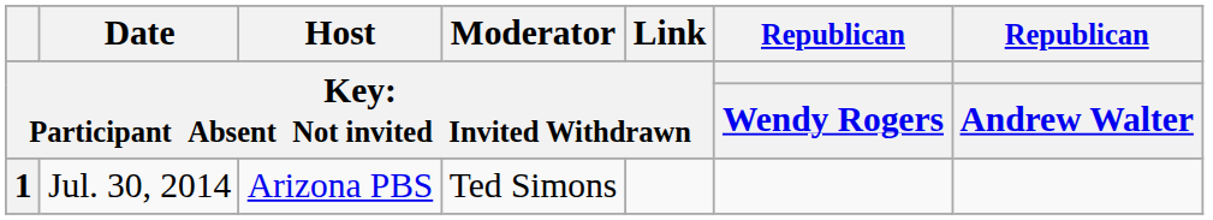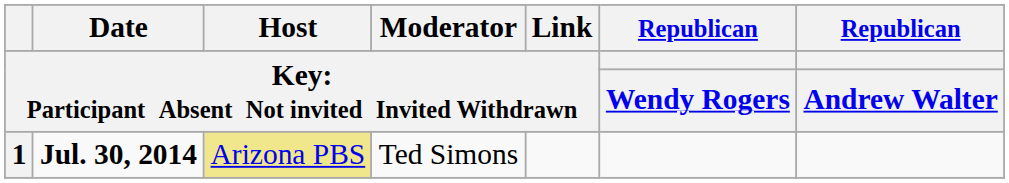 <table class="wikitable" style="text-align:center;">
 <tr>
 <th scope="col"></th>
 <th scope="col">Date</th>
 <th scope="col">Host</th>
 <th scope="col">Moderator</th>
 <th scope="col">Link</th>
 <th scope="col"><small><a href='#'>Republican</a></small></th>
 <th scope="col"><small><a href='#'>Republican</a></small></th>
 </tr>
 <tr>
 <th colspan="5" rowspan="2">Key:<br> <small>Participant </small>  <small>Absent </small>  <small>Not invited </small>  <small>Invited  Withdrawn</small></th>
 <th scope="col" style="background:"></th>
 <th scope="col" style="background:"></th>
 </tr>
 <tr>
 <th scope="col"><a href='#'>Wendy Rogers</a></th>
 <th scope="col"><a href='#'>Andrew Walter</a></th>
 </tr>
 <tr>
 <th>1</th>
-<td style="white-space:nowrap;">Jul. 30, 2014</td>
-<td style="white-space:nowrap;"><a href='#'>Arizona PBS</a></td>
+<td style="white-space:nowrap;"><strong>Jul. 30, 2014</strong></td>
+<td style="background: khaki; white-space:nowrap;"><a href='#'>Arizona PBS</a></td>
 <td style="white-space:nowrap;">Ted Simons</td>
 <td style="white-space:nowrap;"></td>
 <td></td>
 <td></td>
 </tr>
 </table>
